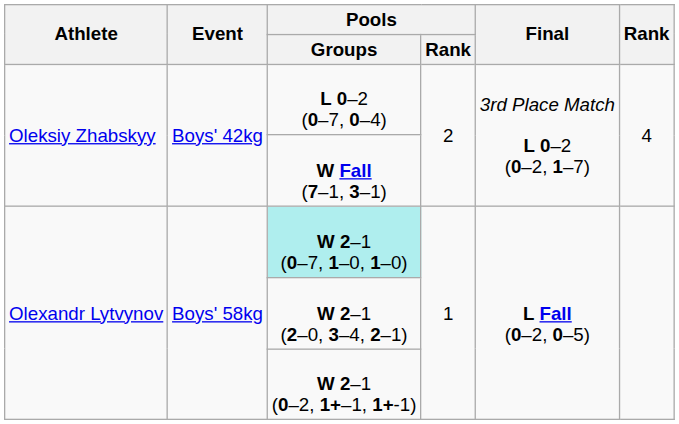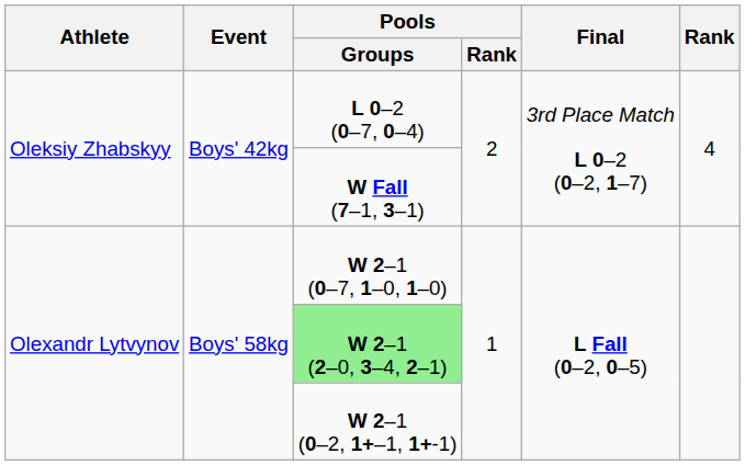 <table class="wikitable" style="text-align:left; font-size:90%">
 <tr>
 <th rowspan="2">Athlete</th>
 <th rowspan="2">Event</th>
 <th colspan="2">Pools</th>
 <th rowspan="2">Final</th>
 <th rowspan="2">Rank</th>
 </tr>
 <tr>
 <th>Groups</th>
 <th>Rank</th>
 </tr>
 <tr>
 <td rowspan="2"><a href='#'>Oleksiy Zhabskyy</a></td>
 <td rowspan="2"><a href='#'>Boys' 42kg</a></td>
 <td align=center><br><strong>L</strong> <strong>0</strong>–2<br>(<strong>0</strong>–7, <strong>0</strong>–4)</td>
 <td rowspan="2" align=center>2</td>
 <td align=center rowspan=2><em>3rd Place Match</em><br><br><strong>L</strong> <strong>0</strong>–2<br>(<strong>0</strong>–2, <strong>1</strong>–7)</td>
 <td rowspan="2" align="center">4</td>
 </tr>
 <tr>
 <td align=center><br><strong>W</strong> <strong><a href='#'>Fall</a></strong><br>(<strong>7</strong>–1, <strong>3</strong>–1)</td>
 </tr>
 <tr>
 <td rowspan="3"><a href='#'>Olexandr Lytvynov</a></td>
 <td rowspan="3"><a href='#'>Boys' 58kg</a></td>
-<td align=center style="background: paleturquoise;"><br><strong>W</strong> <strong>2</strong>–1<br>(<strong>0</strong>–7, <strong>1</strong>–0, <strong>1</strong>–0)</td>
+<td align=center><br><strong>W</strong> <strong>2</strong>–1<br>(<strong>0</strong>–7, <strong>1</strong>–0, <strong>1</strong>–0)</td>
 <td rowspan="3" align=center>1</td>
 <td align=center rowspan=3><br><strong>L</strong> <strong><a href='#'>Fall</a></strong><br>(<strong>0</strong>–2, <strong>0</strong>–5)</td>
 <td rowspan="3" align="center"></td>
 </tr>
 <tr>
-<td align=center><br><strong>W</strong> <strong>2</strong>–1<br>(<strong>2</strong>–0, <strong>3</strong>–4, <strong>2</strong>–1)</td>
+<td align=center style="background: lightgreen;"><br><strong>W</strong> <strong>2</strong>–1<br>(<strong>2</strong>–0, <strong>3</strong>–4, <strong>2</strong>–1)</td>
 </tr>
 <tr>
 <td align=center><br><strong>W</strong> <strong>2</strong>–1<br>(<strong>0</strong>–2, <strong>1+</strong>–1, <strong>1+</strong>-1)</td>
 </tr>
 </table>
